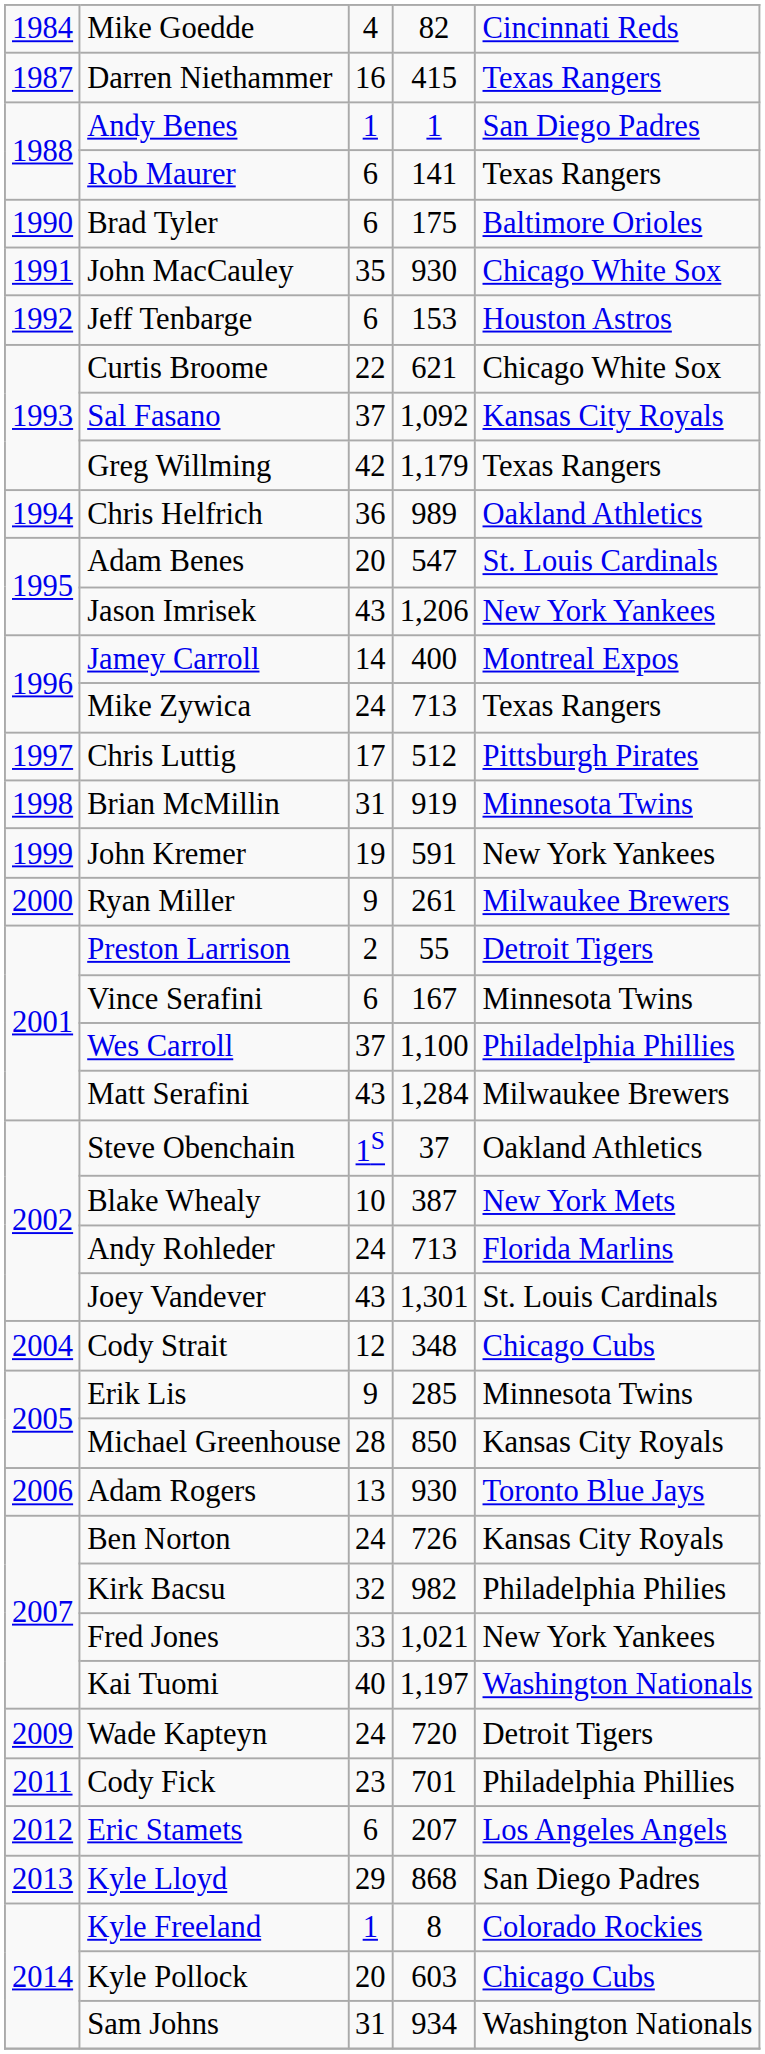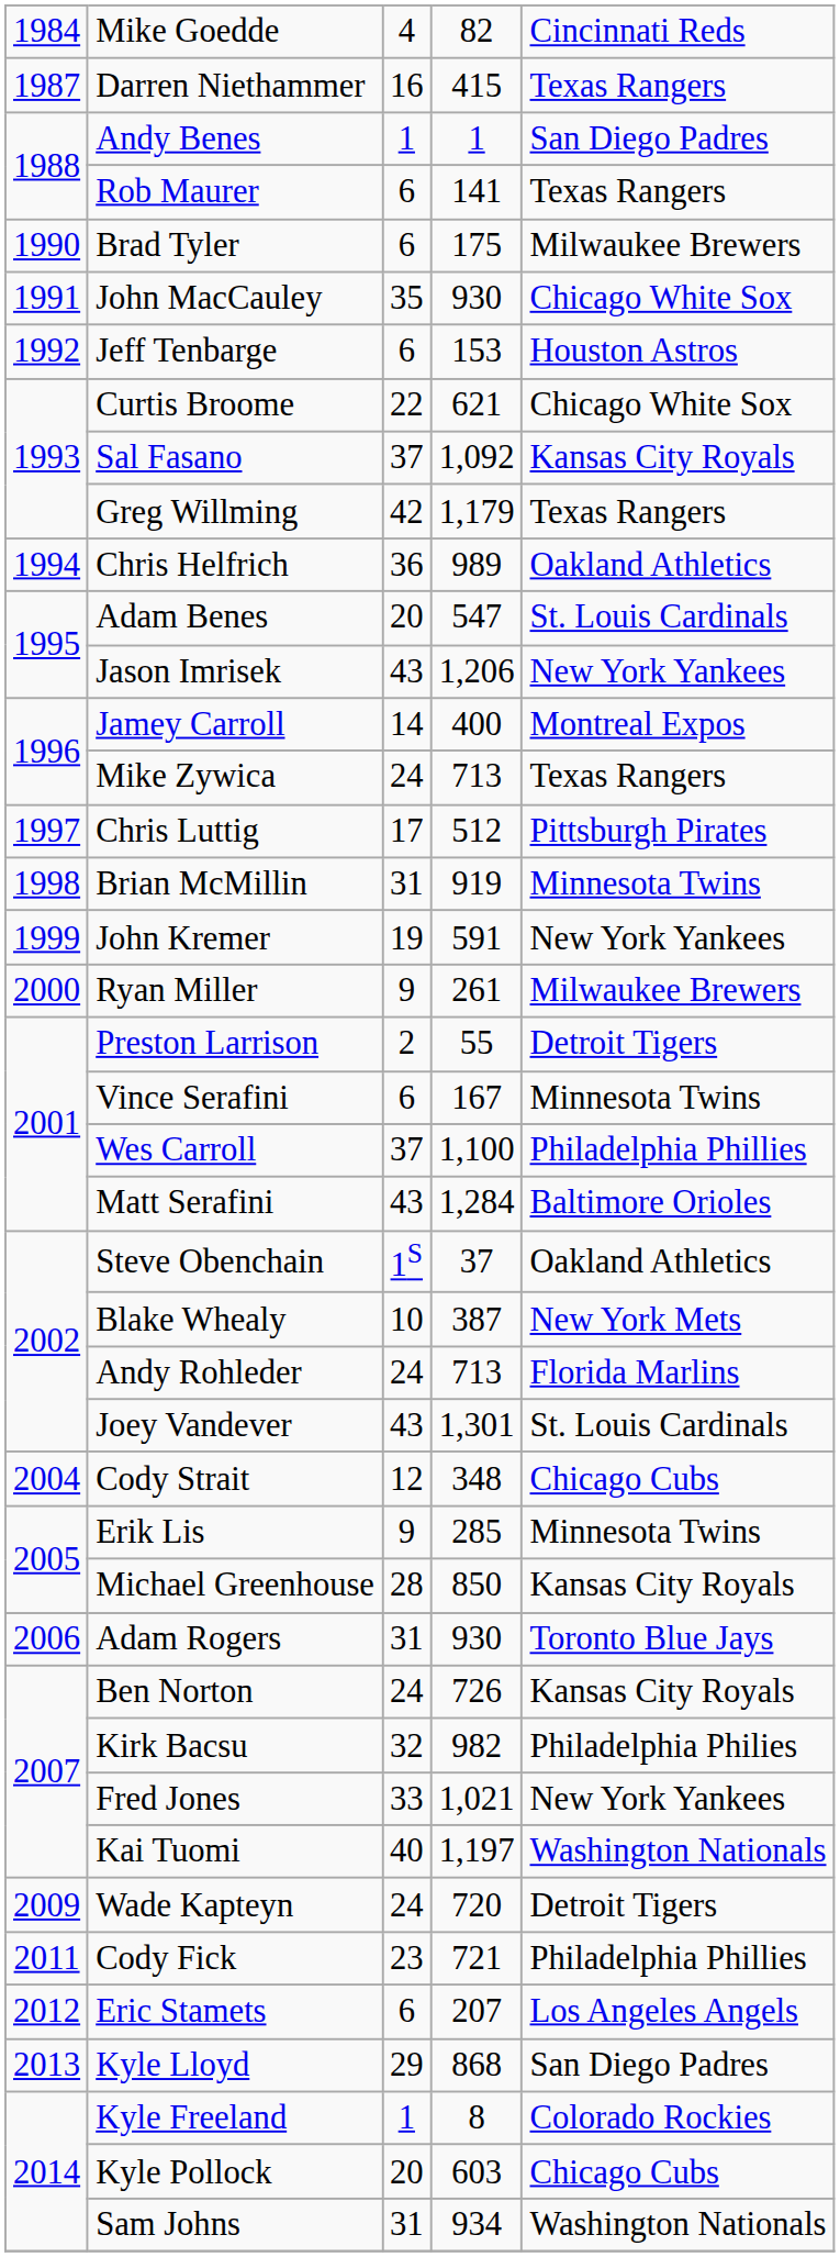 <table class="wikitable plainrowheaders">
 <tr>
 <td align="center"><a href='#'>1984</a></td>
 <td>Mike Goedde</td>
 <td align="center">4</td>
 <td align="center">82</td>
 <td><a href='#'>Cincinnati Reds</a></td>
 </tr>
 <tr>
 <td align="center"><a href='#'>1987</a></td>
 <td>Darren Niethammer</td>
 <td align="center">16</td>
 <td align="center">415</td>
 <td><a href='#'>Texas Rangers</a></td>
 </tr>
 <tr>
 <td rowspan="2" align="center"><a href='#'>1988</a></td>
 <td><a href='#'>Andy Benes</a></td>
 <td align="center"><a href='#'>1</a></td>
 <td align="center"><a href='#'>1</a></td>
 <td><a href='#'>San Diego Padres</a></td>
 </tr>
 <tr>
 <td><a href='#'>Rob Maurer</a></td>
 <td align="center">6</td>
 <td align="center">141</td>
 <td>Texas Rangers</td>
 </tr>
 <tr>
 <td align="center"><a href='#'>1990</a></td>
 <td>Brad Tyler</td>
 <td align="center">6</td>
 <td align="center">175</td>
-<td><a href='#'>Baltimore Orioles</a></td>
+<td>Milwaukee Brewers</td>
 </tr>
 <tr>
 <td align="center"><a href='#'>1991</a></td>
 <td>John MacCauley</td>
 <td align="center">35</td>
 <td align="center">930</td>
 <td><a href='#'>Chicago White Sox</a></td>
 </tr>
 <tr>
 <td align="center"><a href='#'>1992</a></td>
 <td>Jeff Tenbarge</td>
 <td align="center">6</td>
 <td align="center">153</td>
 <td><a href='#'>Houston Astros</a></td>
 </tr>
 <tr>
 <td rowspan="3" align="center"><a href='#'>1993</a></td>
 <td>Curtis Broome</td>
 <td align="center">22</td>
 <td align="center">621</td>
 <td>Chicago White Sox</td>
 </tr>
 <tr>
 <td><a href='#'>Sal Fasano</a></td>
 <td align="center">37</td>
 <td align="center">1,092</td>
 <td><a href='#'>Kansas City Royals</a></td>
 </tr>
 <tr>
 <td>Greg Willming</td>
 <td align="center">42</td>
 <td align="center">1,179</td>
 <td>Texas Rangers</td>
 </tr>
 <tr>
 <td align="center"><a href='#'>1994</a></td>
 <td>Chris Helfrich</td>
 <td align="center">36</td>
 <td align="center">989</td>
 <td><a href='#'>Oakland Athletics</a></td>
 </tr>
 <tr>
 <td rowspan="2" align="center"><a href='#'>1995</a></td>
 <td>Adam Benes</td>
 <td align="center">20</td>
 <td align="center">547</td>
 <td><a href='#'>St. Louis Cardinals</a></td>
 </tr>
 <tr>
 <td>Jason Imrisek</td>
 <td align="center">43</td>
 <td align="center">1,206</td>
 <td><a href='#'>New York Yankees</a></td>
 </tr>
 <tr>
 <td rowspan="2" align="center"><a href='#'>1996</a></td>
 <td><a href='#'>Jamey Carroll</a></td>
 <td align="center">14</td>
 <td align="center">400</td>
 <td><a href='#'>Montreal Expos</a></td>
 </tr>
 <tr>
 <td>Mike Zywica</td>
 <td align="center">24</td>
 <td align="center">713</td>
 <td>Texas Rangers</td>
 </tr>
 <tr>
 <td align="center"><a href='#'>1997</a></td>
 <td>Chris Luttig</td>
 <td align="center">17</td>
 <td align="center">512</td>
 <td><a href='#'>Pittsburgh Pirates</a></td>
 </tr>
 <tr>
 <td align="center"><a href='#'>1998</a></td>
 <td>Brian McMillin</td>
 <td align="center">31</td>
 <td align="center">919</td>
 <td><a href='#'>Minnesota Twins</a></td>
 </tr>
 <tr>
 <td align="center"><a href='#'>1999</a></td>
 <td>John Kremer</td>
 <td align="center">19</td>
 <td align="center">591</td>
 <td>New York Yankees</td>
 </tr>
 <tr>
 <td align="center"><a href='#'>2000</a></td>
 <td>Ryan Miller</td>
 <td align="center">9</td>
 <td align="center">261</td>
 <td><a href='#'>Milwaukee Brewers</a></td>
 </tr>
 <tr>
 <td rowspan="4" align="center"><a href='#'>2001</a></td>
 <td><a href='#'>Preston Larrison</a></td>
 <td align="center">2</td>
 <td align="center">55</td>
 <td><a href='#'>Detroit Tigers</a></td>
 </tr>
 <tr>
 <td>Vince Serafini</td>
 <td align="center">6</td>
 <td align="center">167</td>
 <td>Minnesota Twins</td>
 </tr>
 <tr>
 <td><a href='#'>Wes Carroll</a></td>
 <td align="center">37</td>
 <td align="center">1,100</td>
 <td><a href='#'>Philadelphia Phillies</a></td>
 </tr>
 <tr>
 <td>Matt Serafini</td>
 <td align="center">43</td>
 <td align="center">1,284</td>
-<td>Milwaukee Brewers</td>
+<td><a href='#'>Baltimore Orioles</a></td>
 </tr>
 <tr>
 <td rowspan="4" align="center"><a href='#'>2002</a></td>
 <td>Steve Obenchain</td>
 <td align="center"><a href='#'>1<sup>S</sup></a></td>
 <td align="center">37</td>
 <td>Oakland Athletics</td>
 </tr>
 <tr>
 <td>Blake Whealy</td>
 <td align="center">10</td>
 <td align="center">387</td>
 <td><a href='#'>New York Mets</a></td>
 </tr>
 <tr>
 <td>Andy Rohleder</td>
 <td align="center">24</td>
 <td align="center">713</td>
 <td><a href='#'>Florida Marlins</a></td>
 </tr>
 <tr>
 <td>Joey Vandever</td>
 <td align="center">43</td>
 <td align="center">1,301</td>
 <td>St. Louis Cardinals</td>
 </tr>
 <tr>
 <td align="center"><a href='#'>2004</a></td>
 <td>Cody Strait</td>
 <td align="center">12</td>
 <td align="center">348</td>
 <td><a href='#'>Chicago Cubs</a></td>
 </tr>
 <tr>
 <td rowspan="2" align="center"><a href='#'>2005</a></td>
 <td>Erik Lis</td>
 <td align="center">9</td>
 <td align="center">285</td>
 <td>Minnesota Twins</td>
 </tr>
 <tr>
 <td>Michael Greenhouse</td>
 <td align="center">28</td>
 <td align="center">850</td>
 <td>Kansas City Royals</td>
 </tr>
 <tr>
 <td align="center"><a href='#'>2006</a></td>
 <td>Adam Rogers</td>
-<td align="center">13</td>
+<td align="center">31</td>
 <td align="center">930</td>
 <td><a href='#'>Toronto Blue Jays</a></td>
 </tr>
 <tr>
 <td rowspan="4" align="center"><a href='#'>2007</a></td>
 <td>Ben Norton</td>
 <td align="center">24</td>
 <td align="center">726</td>
 <td>Kansas City Royals</td>
 </tr>
 <tr>
 <td>Kirk Bacsu</td>
 <td align="center">32</td>
 <td align="center">982</td>
 <td>Philadelphia Philies</td>
 </tr>
 <tr>
 <td>Fred Jones</td>
 <td align="center">33</td>
 <td align="center">1,021</td>
 <td>New York Yankees</td>
 </tr>
 <tr>
 <td>Kai Tuomi</td>
 <td align="center">40</td>
 <td align="center">1,197</td>
 <td><a href='#'>Washington Nationals</a></td>
 </tr>
 <tr>
 <td align="center"><a href='#'>2009</a></td>
 <td>Wade Kapteyn</td>
 <td align="center">24</td>
 <td align="center">720</td>
 <td>Detroit Tigers</td>
 </tr>
 <tr>
 <td align="center"><a href='#'>2011</a></td>
 <td>Cody Fick</td>
 <td align="center">23</td>
-<td align="center">701</td>
+<td align="center">721</td>
 <td>Philadelphia Phillies</td>
 </tr>
 <tr>
 <td align="center"><a href='#'>2012</a></td>
 <td><a href='#'>Eric Stamets</a></td>
 <td align="center">6</td>
 <td align="center">207</td>
 <td><a href='#'>Los Angeles Angels</a></td>
 </tr>
 <tr>
 <td align="center"><a href='#'>2013</a></td>
 <td><a href='#'>Kyle Lloyd</a></td>
 <td align="center">29</td>
 <td align="center">868</td>
 <td>San Diego Padres</td>
 </tr>
 <tr>
 <td rowspan="3" align="center"><a href='#'>2014</a></td>
 <td><a href='#'>Kyle Freeland</a></td>
 <td align="center"><a href='#'>1</a></td>
 <td align="center">8</td>
 <td><a href='#'>Colorado Rockies</a></td>
 </tr>
 <tr>
 <td>Kyle Pollock</td>
 <td align="center">20</td>
 <td align="center">603</td>
 <td><a href='#'>Chicago Cubs</a></td>
 </tr>
 <tr>
 <td>Sam Johns</td>
 <td align="center">31</td>
 <td align="center">934</td>
 <td>Washington Nationals</td>
 </tr>
 <tr>
 </tr>
 </table>
